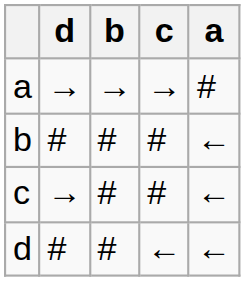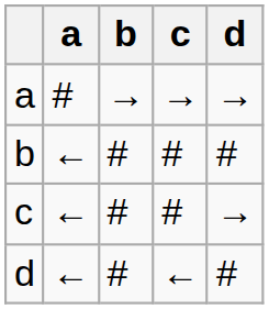 <table class="wikitable">
 <tr>
 <th></th>
-<th>d</th>
+<th>a</th>
 <th>b</th>
 <th>c</th>
-<th>a</th>
+<th>d</th>
 </tr>
 <tr>
 <td>a</td>
+<td>#</td>
 <td>→</td>
 <td>→</td>
 <td>→</td>
+</tr>
+<tr>
+<td>b</td>
+<td>←</td>
+<td>#</td>
+<td>#</td>
 <td>#</td>
 </tr>
 <tr>
-<td>b</td>
+<td>c</td>
+<td>←</td>
 <td>#</td>
 <td>#</td>
-<td>#</td>
-<td>←</td>
-</tr>
-<tr>
-<td>c</td>
 <td>→</td>
-<td>#</td>
-<td>#</td>
-<td>←</td>
 </tr>
 <tr>
 <td>d</td>
-<td>#</td>
+<td>←</td>
 <td>#</td>
 <td>←</td>
-<td>←</td>
+<td>#</td>
 </tr>
 </table>
